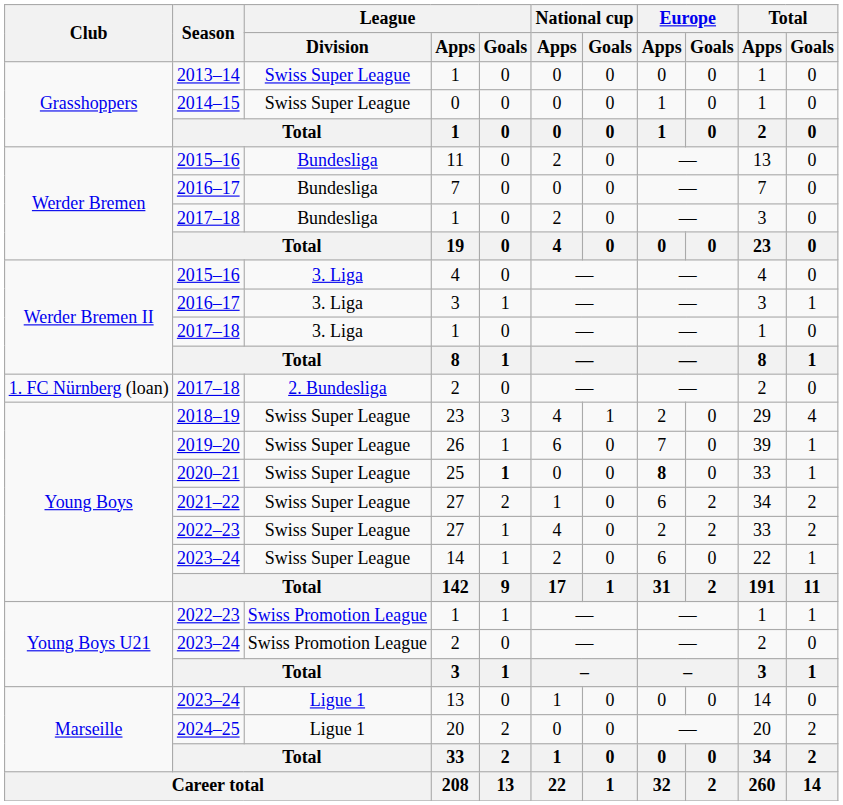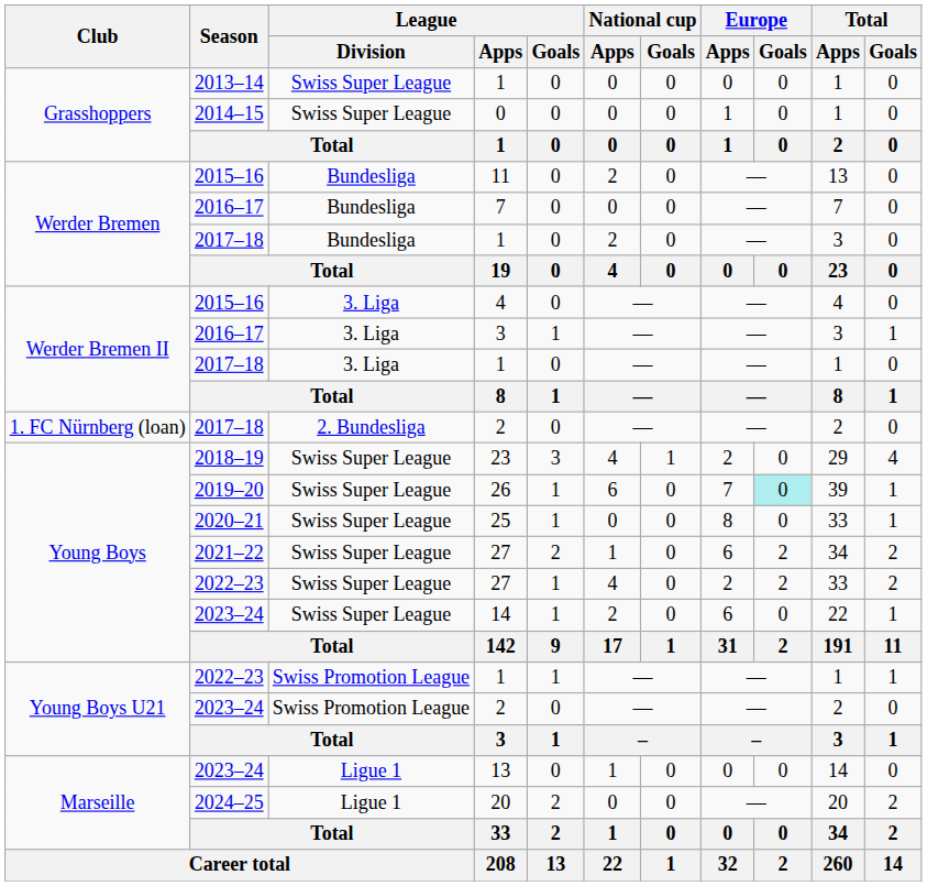 <table class="wikitable" style="text-align:center">
 <tr>
 <th rowspan="2">Club</th>
 <th rowspan="2">Season</th>
 <th colspan="3">League</th>
 <th colspan="2">National cup</th>
 <th colspan="2"><a href='#'>Europe</a></th>
 <th colspan="2">Total</th>
 </tr>
 <tr>
 <th>Division</th>
 <th>Apps</th>
 <th>Goals</th>
 <th>Apps</th>
 <th>Goals</th>
 <th>Apps</th>
 <th>Goals</th>
 <th>Apps</th>
 <th>Goals</th>
 </tr>
 <tr>
 <td rowspan="3"><a href='#'>Grasshoppers</a></td>
 <td><a href='#'>2013–14</a></td>
 <td><a href='#'>Swiss Super League</a></td>
 <td>1</td>
 <td>0</td>
 <td>0</td>
 <td>0</td>
 <td>0</td>
 <td>0</td>
 <td>1</td>
 <td>0</td>
 </tr>
 <tr>
 <td><a href='#'>2014–15</a></td>
 <td>Swiss Super League</td>
 <td>0</td>
 <td>0</td>
 <td>0</td>
 <td>0</td>
 <td>1</td>
 <td>0</td>
 <td>1</td>
 <td>0</td>
 </tr>
 <tr>
 <th colspan="2">Total</th>
 <th>1</th>
 <th>0</th>
 <th>0</th>
 <th>0</th>
 <th>1</th>
 <th>0</th>
 <th>2</th>
 <th>0</th>
 </tr>
 <tr>
 <td rowspan="4"><a href='#'>Werder Bremen</a></td>
 <td><a href='#'>2015–16</a></td>
 <td><a href='#'>Bundesliga</a></td>
 <td>11</td>
 <td>0</td>
 <td>2</td>
 <td>0</td>
 <td colspan="2">—</td>
 <td>13</td>
 <td>0</td>
 </tr>
 <tr>
 <td><a href='#'>2016–17</a></td>
 <td>Bundesliga</td>
 <td>7</td>
 <td>0</td>
 <td>0</td>
 <td>0</td>
 <td colspan="2">—</td>
 <td>7</td>
 <td>0</td>
 </tr>
 <tr>
 <td><a href='#'>2017–18</a></td>
 <td>Bundesliga</td>
 <td>1</td>
 <td>0</td>
 <td>2</td>
 <td>0</td>
 <td colspan="2">—</td>
 <td>3</td>
 <td>0</td>
 </tr>
 <tr>
 <th colspan="2">Total</th>
 <th>19</th>
 <th>0</th>
 <th>4</th>
 <th>0</th>
 <th>0</th>
 <th>0</th>
 <th>23</th>
 <th>0</th>
 </tr>
 <tr>
 <td rowspan="4"><a href='#'>Werder Bremen II</a></td>
 <td><a href='#'>2015–16</a></td>
 <td><a href='#'>3. Liga</a></td>
 <td>4</td>
 <td>0</td>
 <td colspan="2">—</td>
 <td colspan="2">—</td>
 <td>4</td>
 <td>0</td>
 </tr>
 <tr>
 <td><a href='#'>2016–17</a></td>
 <td>3. Liga</td>
 <td>3</td>
 <td>1</td>
 <td colspan="2">—</td>
 <td colspan="2">—</td>
 <td>3</td>
 <td>1</td>
 </tr>
 <tr>
 <td><a href='#'>2017–18</a></td>
 <td>3. Liga</td>
 <td>1</td>
 <td>0</td>
 <td colspan="2">—</td>
 <td colspan="2">—</td>
 <td>1</td>
 <td>0</td>
 </tr>
 <tr>
 <th colspan="2">Total</th>
 <th>8</th>
 <th>1</th>
 <th colspan="2">—</th>
 <th colspan="2">—</th>
 <th>8</th>
 <th>1</th>
 </tr>
 <tr>
 <td><a href='#'>1. FC Nürnberg</a> (loan)</td>
 <td><a href='#'>2017–18</a></td>
 <td><a href='#'>2. Bundesliga</a></td>
 <td>2</td>
 <td>0</td>
 <td colspan="2">—</td>
 <td colspan="2">—</td>
 <td>2</td>
 <td>0</td>
 </tr>
 <tr>
 <td rowspan="7"><a href='#'>Young Boys</a></td>
 <td><a href='#'>2018–19</a></td>
 <td>Swiss Super League</td>
 <td>23</td>
 <td>3</td>
 <td>4</td>
 <td>1</td>
 <td>2</td>
 <td>0</td>
 <td>29</td>
 <td>4</td>
 </tr>
 <tr>
 <td><a href='#'>2019–20</a></td>
 <td>Swiss Super League</td>
 <td>26</td>
 <td>1</td>
 <td>6</td>
 <td>0</td>
 <td>7</td>
-<td>0</td>
+<td style="background: paleturquoise;">0</td>
 <td>39</td>
 <td>1</td>
 </tr>
 <tr>
 <td><a href='#'>2020–21</a></td>
 <td>Swiss Super League</td>
 <td>25</td>
-<td><strong>1</strong></td>
+<td>1</td>
 <td>0</td>
 <td>0</td>
-<td><strong>8</strong></td>
+<td>8</td>
 <td>0</td>
 <td>33</td>
 <td>1</td>
 </tr>
 <tr>
 <td><a href='#'>2021–22</a></td>
 <td>Swiss Super League</td>
 <td>27</td>
 <td>2</td>
 <td>1</td>
 <td>0</td>
 <td>6</td>
 <td>2</td>
 <td>34</td>
 <td>2</td>
 </tr>
 <tr>
 <td><a href='#'>2022–23</a></td>
 <td>Swiss Super League</td>
 <td>27</td>
 <td>1</td>
 <td>4</td>
 <td>0</td>
 <td>2</td>
 <td>2</td>
 <td>33</td>
 <td>2</td>
 </tr>
 <tr>
 <td><a href='#'>2023–24</a></td>
 <td>Swiss Super League</td>
 <td>14</td>
 <td>1</td>
 <td>2</td>
 <td>0</td>
 <td>6</td>
 <td>0</td>
 <td>22</td>
 <td>1</td>
 </tr>
 <tr>
 <th colspan="2">Total</th>
 <th>142</th>
 <th>9</th>
 <th>17</th>
 <th>1</th>
 <th>31</th>
 <th>2</th>
 <th>191</th>
 <th>11</th>
 </tr>
 <tr>
 <td rowspan="3"><a href='#'>Young Boys U21</a></td>
 <td><a href='#'>2022–23</a></td>
 <td><a href='#'>Swiss Promotion League</a></td>
 <td>1</td>
 <td>1</td>
 <td colspan="2">—</td>
 <td colspan="2">—</td>
 <td>1</td>
 <td>1</td>
 </tr>
 <tr>
 <td><a href='#'>2023–24</a></td>
 <td>Swiss Promotion League</td>
 <td>2</td>
 <td>0</td>
 <td colspan="2">—</td>
 <td colspan="2">—</td>
 <td>2</td>
 <td>0</td>
 </tr>
 <tr>
 <th colspan="2">Total</th>
 <th>3</th>
 <th>1</th>
 <th colspan="2">–</th>
 <th colspan="2">–</th>
 <th>3</th>
 <th>1</th>
 </tr>
 <tr>
 <td rowspan="3"><a href='#'>Marseille</a></td>
 <td><a href='#'>2023–24</a></td>
 <td><a href='#'>Ligue 1</a></td>
 <td>13</td>
 <td>0</td>
 <td>1</td>
 <td>0</td>
 <td>0</td>
 <td>0</td>
 <td>14</td>
 <td>0</td>
 </tr>
 <tr>
 <td><a href='#'>2024–25</a></td>
 <td>Ligue 1</td>
 <td>20</td>
 <td>2</td>
 <td>0</td>
 <td>0</td>
 <td colspan="2">—</td>
 <td>20</td>
 <td>2</td>
 </tr>
 <tr>
 <th colspan="2">Total</th>
 <th>33</th>
 <th>2</th>
 <th>1</th>
 <th>0</th>
 <th>0</th>
 <th>0</th>
 <th>34</th>
 <th>2</th>
 </tr>
 <tr>
 <th colspan="3">Career total</th>
 <th>208</th>
 <th>13</th>
 <th>22</th>
 <th>1</th>
 <th>32</th>
 <th>2</th>
 <th>260</th>
 <th>14</th>
 </tr>
 </table>
